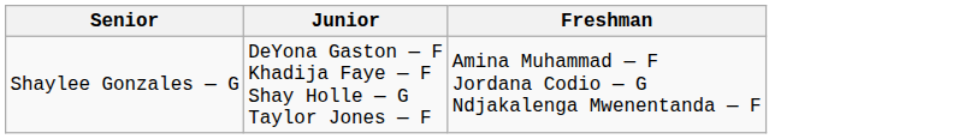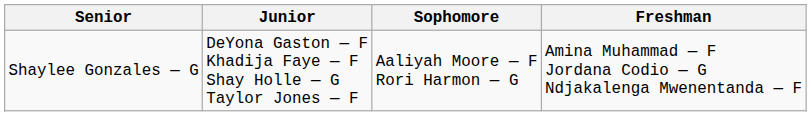 <table class="wikitable">
 <tr>
 <th style="text-align:center; ">Senior</th>
 <th style="text-align:center; ">Junior</th>
+<th style="text-align:center; ">Sophomore</th>
 <th style="text-align:center; ">Freshman</th>
 </tr>
 <tr align="left">
 <td>Shaylee Gonzales — G</td>
 <td>DeYona Gaston — F<br>Khadija Faye — F<br>Shay Holle — G<br>Taylor Jones — F</td>
+<td>Aaliyah Moore — F<br>Rori Harmon — G</td>
 <td>Amina Muhammad — F<br>Jordana Codio — G<br>Ndjakalenga Mwenentanda — F</td>
 </tr>
 </table>
